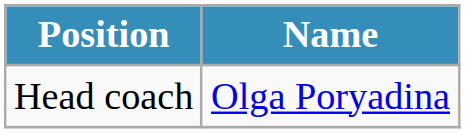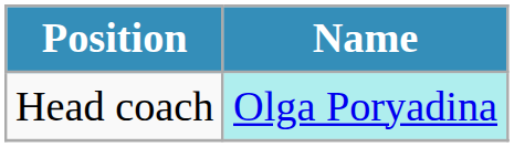 <table class="wikitable">
 <tr>
 <th style="color:#FFFFFF; background:#348eb9;">Position</th>
 <th style="color:#FFFFFF; background:#348eb9;">Name</th>
 </tr>
 <tr>
 <td>Head coach</td>
-<td> <a href='#'>Olga Poryadina</a></td>
+<td style="background: paleturquoise;"> <a href='#'>Olga Poryadina</a></td>
 </tr>
 <tr>
 </tr>
 </table>
